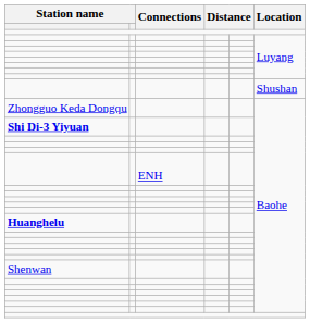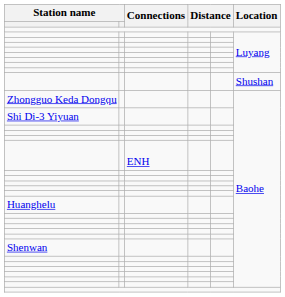 <table class="wikitable">
 <tr>
 <th colspan="2">Station name</th>
 <th rowspan="2">Connections</th>
 <th colspan="2" rowspan="2">Distance<br></th>
 <th rowspan="2">Location</th>
 </tr>
 <tr>
 <th></th>
 <th></th>
 </tr>
 <tr style="background:#">
 <td colspan="6"></td>
 </tr>
 <tr>
 <td></td>
 <td></td>
 <td></td>
 <td></td>
 <td></td>
 <td rowspan="8"><a href='#'>Luyang</a></td>
 </tr>
 <tr>
 <td></td>
 <td></td>
 <td></td>
 <td></td>
 <td></td>
 </tr>
 <tr>
 <td></td>
 <td></td>
 <td></td>
 <td></td>
 <td></td>
 </tr>
 <tr>
 <td></td>
 <td></td>
 <td></td>
 <td></td>
 <td></td>
 </tr>
 <tr>
 <td></td>
 <td></td>
 <td></td>
 <td></td>
 <td></td>
 </tr>
 <tr>
 <td></td>
 <td></td>
 <td></td>
 <td></td>
 <td></td>
 </tr>
 <tr>
 <td></td>
 <td></td>
 <td></td>
 <td></td>
 <td></td>
 </tr>
 <tr>
 <td></td>
 <td></td>
 <td></td>
 <td></td>
 <td></td>
 </tr>
 <tr>
 <td></td>
 <td></td>
 <td></td>
 <td></td>
 <td></td>
 <td><a href='#'>Shushan</a></td>
 </tr>
 <tr>
 <td><a href='#'>Zhongguo Keda Dongqu</a></td>
 <td></td>
 <td></td>
 <td></td>
 <td></td>
 <td rowspan="24"><a href='#'>Baohe</a></td>
 </tr>
 <tr>
-<td><strong><a href='#'>Shi Di-3 Yiyuan</a></strong></td>
+<td><a href='#'>Shi Di-3 Yiyuan</a></td>
 <td></td>
 <td></td>
 <td></td>
 <td></td>
 </tr>
 <tr>
 <td></td>
 <td></td>
 <td></td>
 <td></td>
 <td></td>
 </tr>
 <tr>
 <td></td>
 <td></td>
 <td></td>
 <td></td>
 <td></td>
 </tr>
 <tr>
 <td></td>
 <td></td>
 <td></td>
 <td></td>
 <td></td>
 </tr>
 <tr>
 <td></td>
 <td></td>
 <td> <br> <a href='#'>ENH</a></td>
 <td></td>
 <td></td>
 </tr>
 <tr>
 <td></td>
 <td></td>
 <td></td>
 <td></td>
 <td></td>
 </tr>
 <tr>
 <td></td>
 <td></td>
 <td></td>
 <td></td>
 <td></td>
 </tr>
 <tr>
 <td></td>
 <td></td>
 <td></td>
 <td></td>
 <td></td>
 </tr>
 <tr>
 <td></td>
 <td></td>
 <td></td>
 <td></td>
 <td></td>
 </tr>
 <tr>
 <td></td>
 <td></td>
 <td></td>
 <td></td>
 <td></td>
 </tr>
 <tr>
-<td><strong><a href='#'>Huanghelu</a></strong></td>
+<td><a href='#'>Huanghelu</a></td>
 <td></td>
 <td></td>
 <td></td>
 <td></td>
 </tr>
 <tr>
 <td></td>
 <td></td>
 <td></td>
 <td></td>
 <td></td>
 </tr>
 <tr>
 <td></td>
 <td></td>
 <td></td>
 <td></td>
 <td></td>
 </tr>
 <tr>
 <td></td>
 <td></td>
 <td></td>
 <td></td>
 <td></td>
 </tr>
 <tr>
 <td></td>
 <td></td>
 <td></td>
 <td></td>
 <td></td>
 </tr>
 <tr>
 <td></td>
 <td></td>
 <td></td>
 <td></td>
 <td></td>
 </tr>
 <tr>
 <td><a href='#'>Shenwan</a></td>
 <td></td>
 <td></td>
 <td></td>
 <td></td>
 </tr>
 <tr>
 <td></td>
 <td></td>
 <td></td>
 <td></td>
 <td></td>
 </tr>
 <tr>
 <td></td>
 <td></td>
 <td></td>
 <td></td>
 <td></td>
 </tr>
 <tr>
 <td></td>
 <td></td>
 <td></td>
 <td></td>
 <td></td>
 </tr>
 <tr>
 <td></td>
 <td></td>
 <td></td>
 <td></td>
 <td></td>
 </tr>
 <tr>
 <td></td>
 <td></td>
 <td></td>
 <td></td>
 <td></td>
 </tr>
 <tr>
 <td></td>
 <td></td>
 <td></td>
 <td></td>
 <td></td>
 </tr>
 <tr style="background:#">
 <td colspan="6"></td>
 </tr>
 </table>
